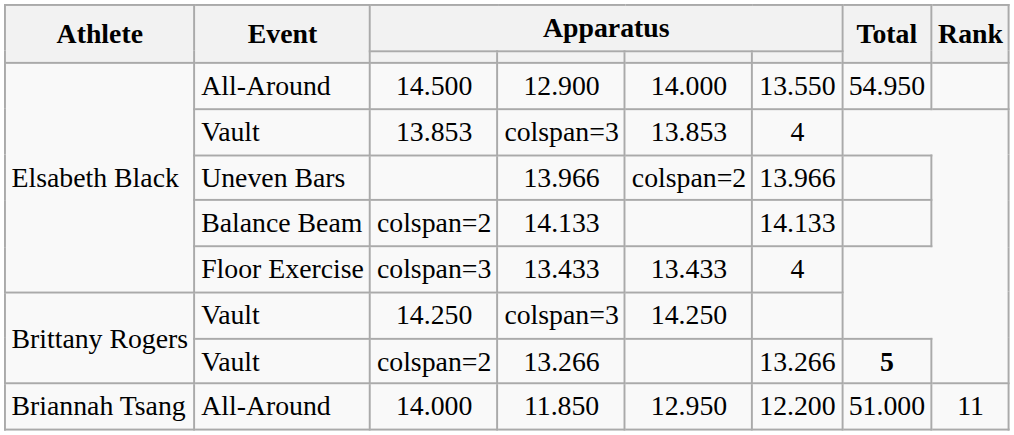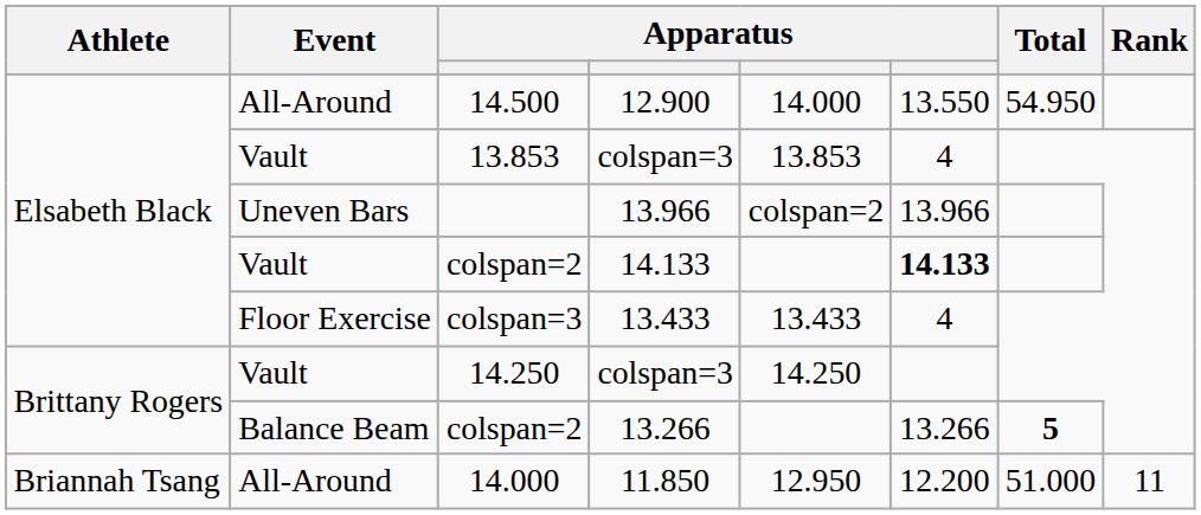 <table class="wikitable" style="font-size:90%">
 <tr>
 <th rowspan=2>Athlete</th>
 <th rowspan=2>Event</th>
 <th colspan=4>Apparatus</th>
 <th rowspan=2>Total</th>
 <th rowspan=2>Rank</th>
 </tr>
 <tr style="font-size:95%">
 <th></th>
 <th></th>
 <th></th>
 <th></th>
 </tr>
 <tr align=center>
 <td align=left rowspan=5>Elsabeth Black</td>
 <td align=left>All-Around</td>
 <td>14.500</td>
 <td>12.900</td>
 <td>14.000</td>
 <td>13.550</td>
 <td>54.950</td>
 <td></td>
 </tr>
 <tr align=center>
 <td align=left>Vault</td>
 <td>13.853</td>
 <td>colspan=3 </td>
 <td>13.853</td>
 <td>4</td>
 </tr>
 <tr align=center>
 <td align=left>Uneven Bars</td>
 <td></td>
 <td>13.966</td>
 <td>colspan=2 </td>
 <td>13.966</td>
 <td></td>
 </tr>
 <tr align=center>
-<td align=left>Balance Beam</td>
+<td align=left>Vault</td>
 <td>colspan=2 </td>
 <td>14.133</td>
 <td></td>
-<td>14.133</td>
+<td><strong>14.133</strong></td>
 <td></td>
 </tr>
 <tr align=center>
 <td align=left>Floor Exercise</td>
 <td>colspan=3 </td>
 <td>13.433</td>
 <td>13.433</td>
 <td>4</td>
 </tr>
 <tr align=center>
 <td align=left rowspan=2>Brittany Rogers</td>
 <td align=left>Vault</td>
 <td>14.250</td>
 <td>colspan=3 </td>
 <td>14.250</td>
 <td></td>
 </tr>
 <tr align=center>
-<td align=left>Vault</td>
+<td align=left>Balance Beam</td>
 <td>colspan=2 </td>
 <td>13.266</td>
 <td></td>
 <td>13.266</td>
 <td><strong>5</strong></td>
 </tr>
 <tr align=center>
 <td align=left>Briannah Tsang</td>
 <td align=left>All-Around</td>
 <td>14.000</td>
 <td>11.850</td>
 <td>12.950</td>
 <td>12.200</td>
 <td>51.000</td>
 <td>11</td>
 </tr>
 </table>
